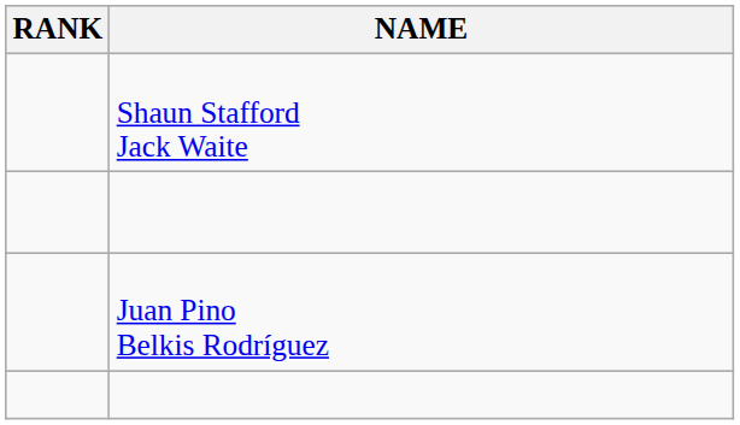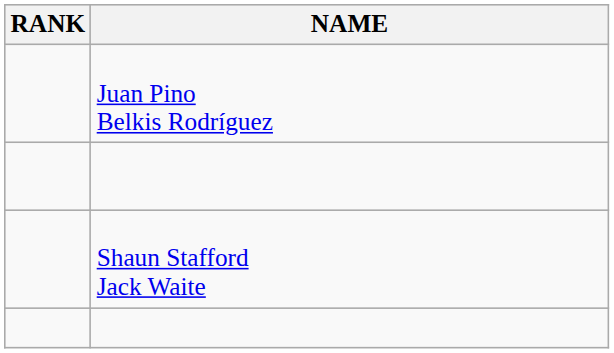 <table class="wikitable">
 <tr>
 <th>RANK</th>
 <th style="width: 20em">NAME</th>
 </tr>
 <tr>
 <td align="center"></td>
-<td><strong></strong><br><a href='#'>Shaun Stafford</a><br><a href='#'>Jack Waite</a></td>
+<td><strong></strong><br><a href='#'>Juan Pino</a><br><a href='#'>Belkis Rodríguez</a></td>
 </tr>
 <tr>
 <td align="center"></td>
 <td><strong></strong><br><br></td>
 </tr>
 <tr>
 <td align="center"></td>
-<td><strong></strong><br><a href='#'>Juan Pino</a><br><a href='#'>Belkis Rodríguez</a></td>
+<td><strong></strong><br><a href='#'>Shaun Stafford</a><br><a href='#'>Jack Waite</a></td>
 </tr>
 <tr>
 <td align="center"></td>
 <td><strong></strong><br></td>
 </tr>
 </table>
